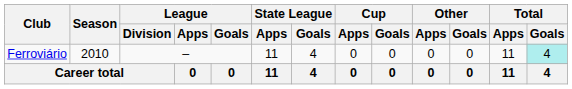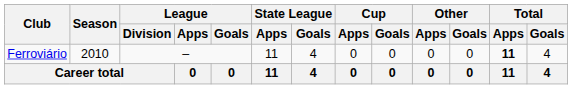 <table class="wikitable" style="text-align:center">
 <tr>
 <th rowspan="2">Club</th>
 <th rowspan="2">Season</th>
 <th colspan="3">League</th>
 <th colspan="2">State League</th>
 <th colspan="2">Cup</th>
 <th colspan="2">Other</th>
 <th colspan="2">Total</th>
 </tr>
 <tr>
 <th>Division</th>
 <th>Apps</th>
 <th>Goals</th>
 <th>Apps</th>
 <th>Goals</th>
 <th>Apps</th>
 <th>Goals</th>
 <th>Apps</th>
 <th>Goals</th>
 <th>Apps</th>
 <th>Goals</th>
 </tr>
 <tr>
 <td><a href='#'>Ferroviário</a></td>
 <td>2010</td>
 <td colspan=3>–</td>
 <td>11</td>
 <td>4</td>
 <td>0</td>
 <td>0</td>
 <td>0</td>
 <td>0</td>
-<td>11</td>
-<td style="background: paleturquoise;">4</td>
+<td><strong>11</strong></td>
+<td>4</td>
 </tr>
 <tr>
 <th colspan=3><strong>Career total</strong></th>
 <th>0</th>
 <th>0</th>
 <th>11</th>
 <th>4</th>
 <th>0</th>
 <th>0</th>
 <th>0</th>
 <th>0</th>
 <th>11</th>
 <th>4</th>
 </tr>
 </table>
